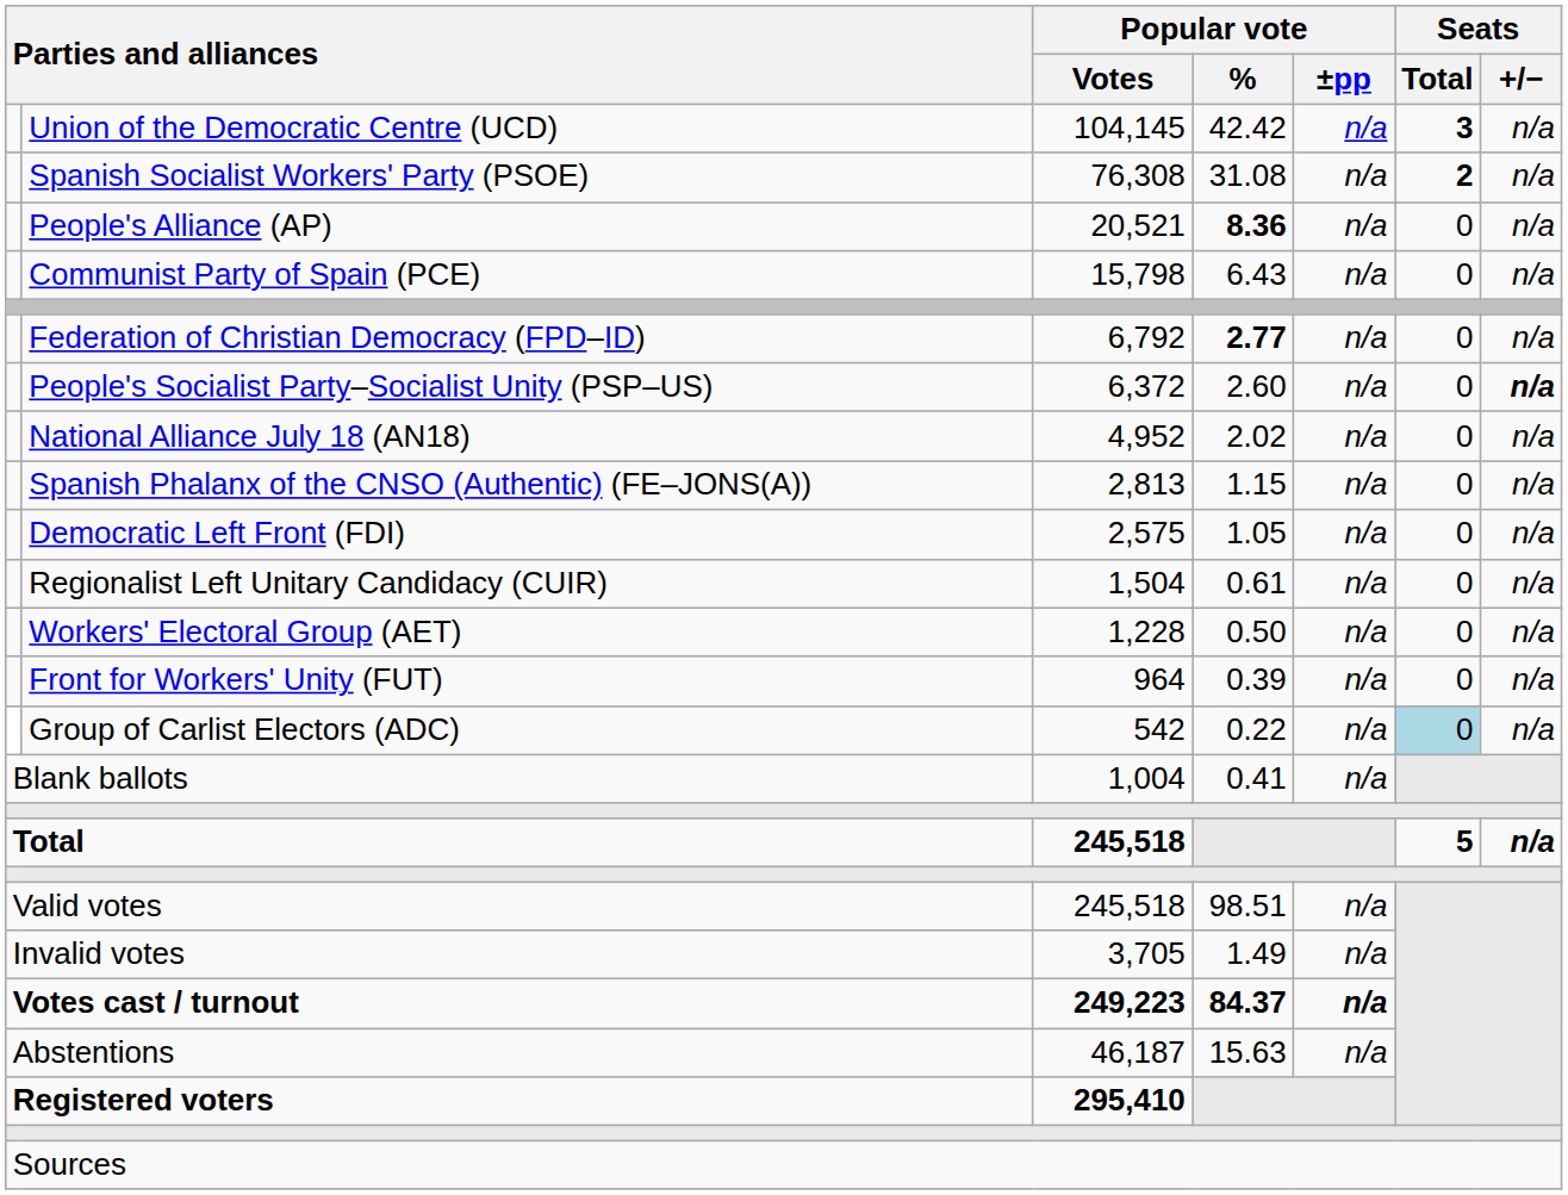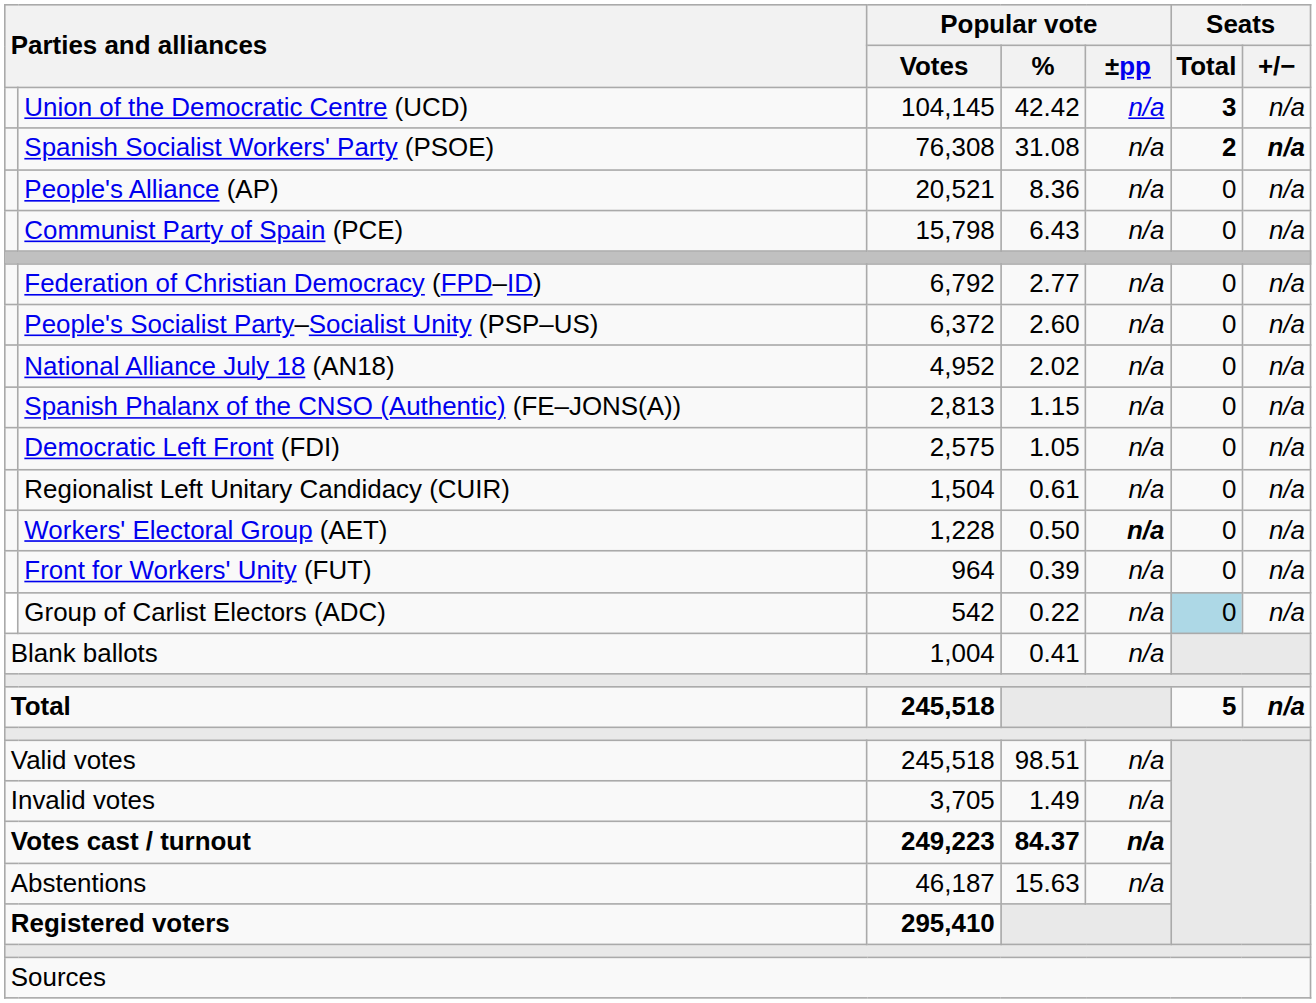 <table class="wikitable" style="text-align:right;">
 <tr>
 <th style="text-align:left;" rowspan="2" colspan="2" width="525">Parties and alliances</th>
 <th colspan="3">Popular vote</th>
 <th colspan="2">Seats</th>
 </tr>
 <tr>
 <th width="75">Votes</th>
 <th width="45">%</th>
 <th width="45">±<a href='#'>pp</a></th>
 <th width="35">Total</th>
 <th width="35">+/−</th>
 </tr>
 <tr>
 <td width="1" style="color:inherit;background:"></td>
 <td align="left"><a href='#'>Union of the Democratic Centre</a> (UCD)</td>
 <td>104,145</td>
 <td>42.42</td>
 <td><em><a href='#'>n/a</a></em></td>
 <td><strong>3</strong></td>
 <td><em>n/a</em></td>
 </tr>
 <tr>
 <td style="color:inherit;background:"></td>
 <td align="left"><a href='#'>Spanish Socialist Workers' Party</a> (PSOE)</td>
 <td>76,308</td>
 <td>31.08</td>
 <td><em>n/a</em></td>
 <td><strong>2</strong></td>
-<td><em>n/a</em></td>
+<td><strong><em>n/a</em></strong></td>
 </tr>
 <tr>
 <td style="color:inherit;background:"></td>
 <td align="left"><a href='#'>People's Alliance</a> (AP)</td>
 <td>20,521</td>
-<td><strong>8.36</strong></td>
+<td>8.36</td>
 <td><em>n/a</em></td>
 <td>0</td>
 <td><em>n/a</em></td>
 </tr>
 <tr>
 <td style="color:inherit;background:"></td>
 <td align="left"><a href='#'>Communist Party of Spain</a> (PCE)</td>
 <td>15,798</td>
 <td>6.43</td>
 <td><em>n/a</em></td>
 <td>0</td>
 <td><em>n/a</em></td>
 </tr>
 <tr>
 <td colspan="7" bgcolor="#C0C0C0"></td>
 </tr>
 <tr>
 <td style="color:inherit;background:"></td>
 <td align="left"><a href='#'>Federation of Christian Democracy</a> (<a href='#'>FPD</a>–<a href='#'>ID</a>)</td>
 <td>6,792</td>
-<td><strong>2.77</strong></td>
+<td>2.77</td>
 <td><em>n/a</em></td>
 <td>0</td>
 <td><em>n/a</em></td>
 </tr>
 <tr>
 <td style="color:inherit;background:"></td>
 <td align="left"><a href='#'>People's Socialist Party</a>–<a href='#'>Socialist Unity</a> (PSP–US)</td>
 <td>6,372</td>
 <td>2.60</td>
 <td><em>n/a</em></td>
 <td>0</td>
-<td><strong><em>n/a</em></strong></td>
+<td><em>n/a</em></td>
 </tr>
 <tr>
 <td style="color:inherit;background:"></td>
 <td align="left"><a href='#'>National Alliance July 18</a> (AN18)</td>
 <td>4,952</td>
 <td>2.02</td>
 <td><em>n/a</em></td>
 <td>0</td>
 <td><em>n/a</em></td>
 </tr>
 <tr>
 <td style="color:inherit;background:"></td>
 <td align="left"><a href='#'>Spanish Phalanx of the CNSO (Authentic)</a> (FE–JONS(A))</td>
 <td>2,813</td>
 <td>1.15</td>
 <td><em>n/a</em></td>
 <td>0</td>
 <td><em>n/a</em></td>
 </tr>
 <tr>
 <td style="color:inherit;background:"></td>
 <td align="left"><a href='#'>Democratic Left Front</a> (FDI)</td>
 <td>2,575</td>
 <td>1.05</td>
 <td><em>n/a</em></td>
 <td>0</td>
 <td><em>n/a</em></td>
 </tr>
 <tr>
 <td style="color:inherit;background:"></td>
 <td align="left">Regionalist Left Unitary Candidacy (CUIR)</td>
 <td>1,504</td>
 <td>0.61</td>
 <td><em>n/a</em></td>
 <td>0</td>
 <td><em>n/a</em></td>
 </tr>
 <tr>
 <td style="color:inherit;background:"></td>
 <td align="left"><a href='#'>Workers' Electoral Group</a> (AET)</td>
 <td>1,228</td>
 <td>0.50</td>
-<td><em>n/a</em></td>
+<td><strong><em>n/a</em></strong></td>
 <td>0</td>
 <td><em>n/a</em></td>
 </tr>
 <tr>
 <td style="color:inherit;background:"></td>
 <td align="left"><a href='#'>Front for Workers' Unity</a> (FUT)</td>
 <td>964</td>
 <td>0.39</td>
 <td><em>n/a</em></td>
 <td>0</td>
 <td><em>n/a</em></td>
 </tr>
 <tr>
 <td bgcolor="white"></td>
 <td align="left">Group of Carlist Electors (ADC)</td>
 <td>542</td>
 <td>0.22</td>
 <td><em>n/a</em></td>
 <td style="background: lightblue;">0</td>
 <td><em>n/a</em></td>
 </tr>
 <tr>
 <td align="left" colspan="2">Blank ballots</td>
 <td>1,004</td>
 <td>0.41</td>
 <td><em>n/a</em></td>
 <td bgcolor="#E9E9E9" colspan="2"></td>
 </tr>
 <tr>
 <td colspan="7" bgcolor="#E9E9E9"></td>
 </tr>
 <tr style="font-weight:bold;">
 <td align="left" colspan="2">Total</td>
 <td>245,518</td>
 <td bgcolor="#E9E9E9" colspan="2"></td>
 <td>5</td>
 <td><em>n/a</em></td>
 </tr>
 <tr>
 <td colspan="7" bgcolor="#E9E9E9"></td>
 </tr>
 <tr>
 <td align="left" colspan="2">Valid votes</td>
 <td>245,518</td>
 <td>98.51</td>
 <td><em>n/a</em></td>
 <td bgcolor="#E9E9E9" colspan="2" rowspan="5"></td>
 </tr>
 <tr>
 <td align="left" colspan="2">Invalid votes</td>
 <td>3,705</td>
 <td>1.49</td>
 <td><em>n/a</em></td>
 </tr>
 <tr style="font-weight:bold;">
 <td align="left" colspan="2">Votes cast / turnout</td>
 <td>249,223</td>
 <td>84.37</td>
 <td><em>n/a</em></td>
 </tr>
 <tr>
 <td align="left" colspan="2">Abstentions</td>
 <td>46,187</td>
 <td>15.63</td>
 <td><em>n/a</em></td>
 </tr>
 <tr style="font-weight:bold;">
 <td align="left" colspan="2">Registered voters</td>
 <td>295,410</td>
 <td bgcolor="#E9E9E9" colspan="2"></td>
 </tr>
 <tr>
 <td colspan="7" bgcolor="#E9E9E9"></td>
 </tr>
 <tr>
 <td align="left" colspan="7">Sources</td>
 </tr>
 </table>
